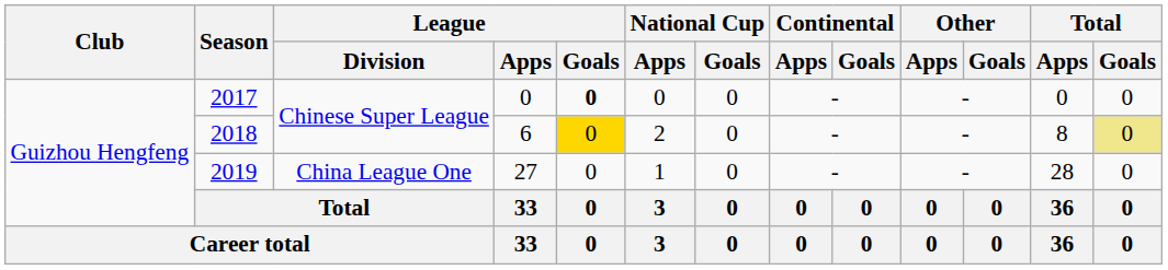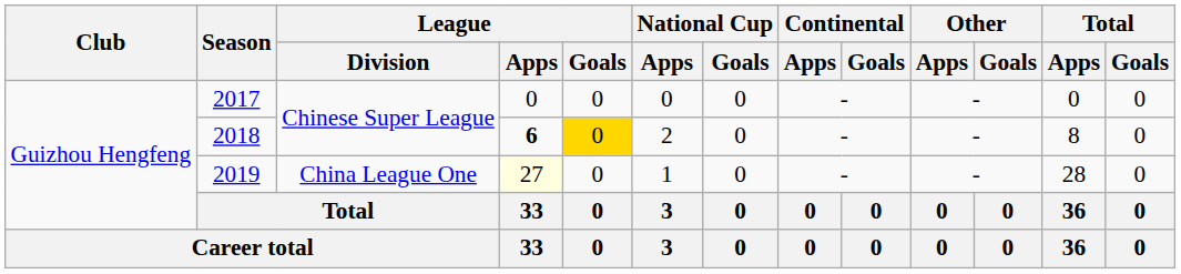 <table class="wikitable" style="text-align: center">
 <tr>
 <th rowspan="2">Club</th>
 <th rowspan="2">Season</th>
 <th colspan="3">League</th>
 <th colspan="2">National Cup</th>
 <th colspan="2">Continental</th>
 <th colspan="2">Other</th>
 <th colspan="2">Total</th>
 </tr>
 <tr>
 <th>Division</th>
 <th>Apps</th>
 <th>Goals</th>
 <th>Apps</th>
 <th>Goals</th>
 <th>Apps</th>
 <th>Goals</th>
 <th>Apps</th>
 <th>Goals</th>
 <th>Apps</th>
 <th>Goals</th>
 </tr>
 <tr>
 <td rowspan=4><a href='#'>Guizhou Hengfeng</a></td>
 <td><a href='#'>2017</a></td>
 <td rowspan="2"><a href='#'>Chinese Super League</a></td>
 <td>0</td>
-<td><strong>0</strong></td>
+<td>0</td>
 <td>0</td>
 <td>0</td>
 <td colspan="2">-</td>
 <td colspan="2">-</td>
 <td>0</td>
 <td>0</td>
 </tr>
 <tr>
 <td><a href='#'>2018</a></td>
-<td>6</td>
+<td><strong>6</strong></td>
 <td style="background: gold;">0</td>
 <td>2</td>
 <td>0</td>
 <td colspan="2">-</td>
 <td colspan="2">-</td>
 <td>8</td>
-<td style="background: khaki;">0</td>
+<td>0</td>
 </tr>
 <tr>
 <td><a href='#'>2019</a></td>
 <td><a href='#'>China League One</a></td>
-<td>27</td>
+<td style="background: lightyellow;">27</td>
 <td>0</td>
 <td>1</td>
 <td>0</td>
 <td colspan="2">-</td>
 <td colspan="2">-</td>
 <td>28</td>
 <td>0</td>
 </tr>
 <tr>
 <th colspan="2"><strong>Total</strong></th>
 <th>33</th>
 <th>0</th>
 <th>3</th>
 <th>0</th>
 <th>0</th>
 <th>0</th>
 <th>0</th>
 <th>0</th>
 <th>36</th>
 <th>0</th>
 </tr>
 <tr>
 <th colspan=3>Career total</th>
 <th>33</th>
 <th>0</th>
 <th>3</th>
 <th>0</th>
 <th>0</th>
 <th>0</th>
 <th>0</th>
 <th>0</th>
 <th>36</th>
 <th>0</th>
 </tr>
 </table>
